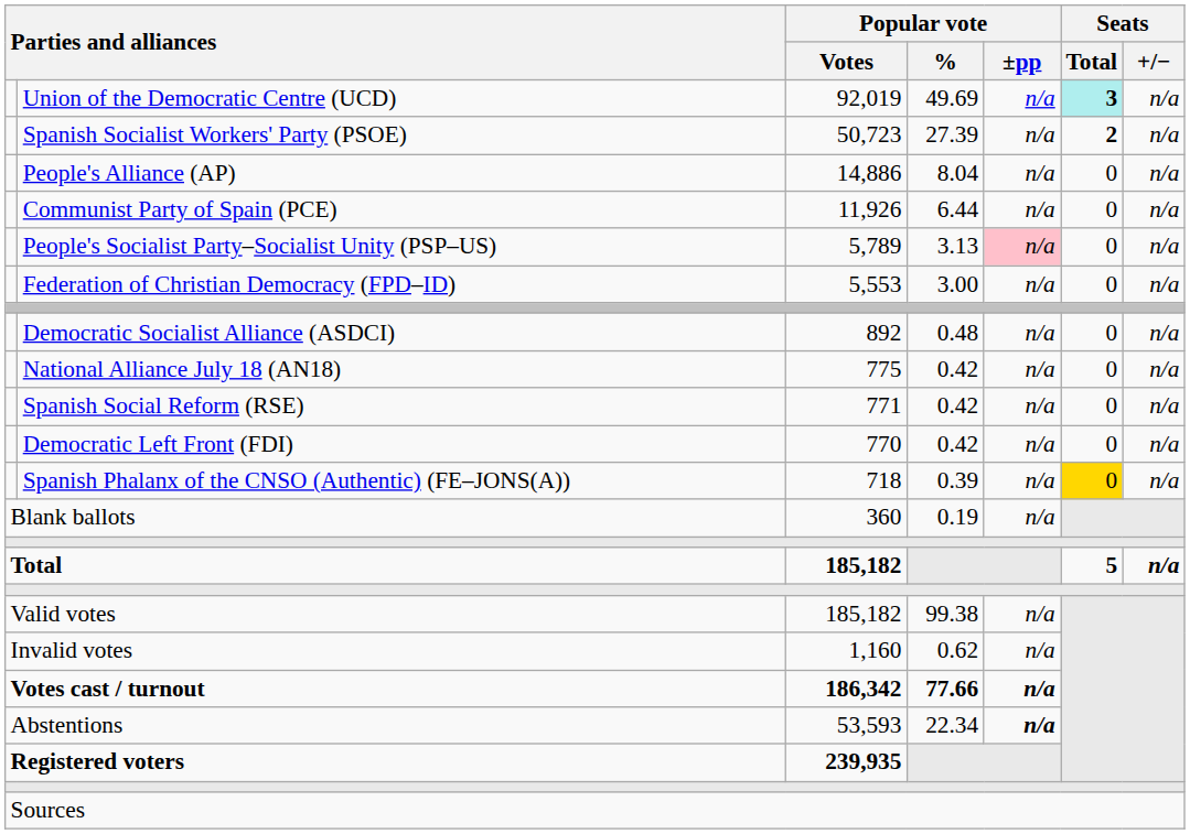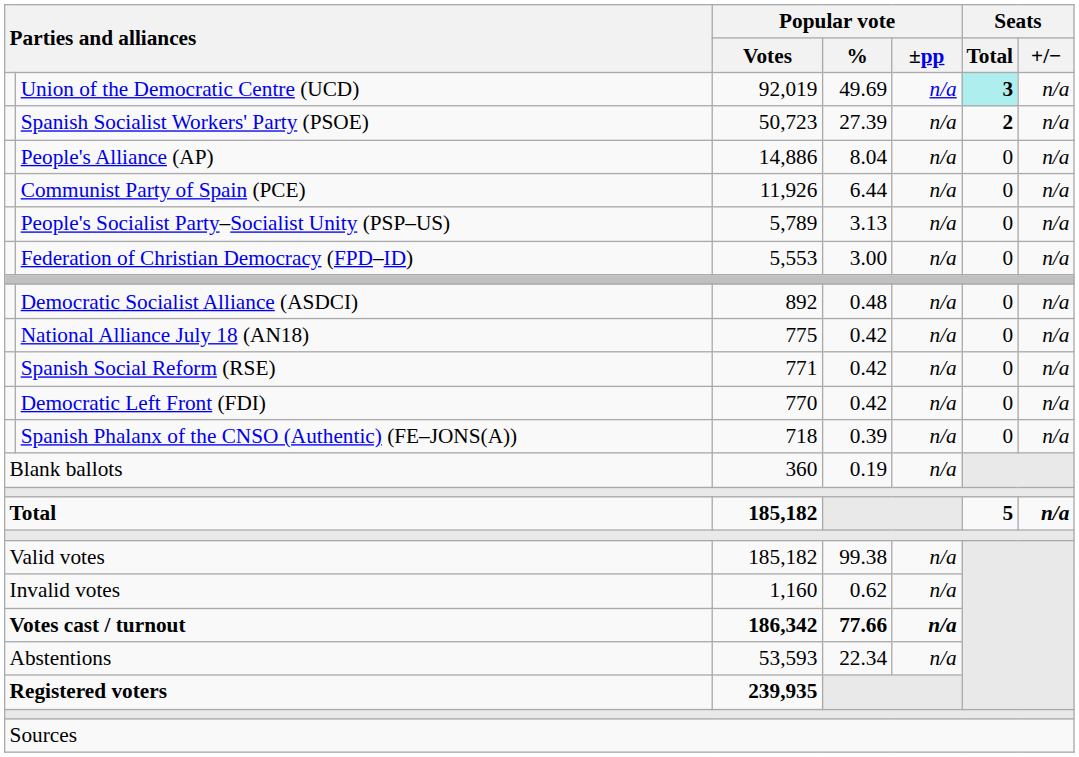 <table class="wikitable" style="text-align:right;">
 <tr>
 <th style="text-align:left;" rowspan="2" colspan="2" width="525">Parties and alliances</th>
 <th colspan="3">Popular vote</th>
 <th colspan="2">Seats</th>
 </tr>
 <tr>
 <th width="75">Votes</th>
 <th width="45">%</th>
 <th width="45">±<a href='#'>pp</a></th>
 <th width="35">Total</th>
 <th width="35">+/−</th>
 </tr>
 <tr>
 <td width="1" style="color:inherit;background:"></td>
 <td align="left"><a href='#'>Union of the Democratic Centre</a> (UCD)</td>
 <td>92,019</td>
 <td>49.69</td>
 <td><em><a href='#'>n/a</a></em></td>
 <td style="background: paleturquoise;"><strong>3</strong></td>
 <td><em>n/a</em></td>
 </tr>
 <tr>
 <td style="color:inherit;background:"></td>
 <td align="left"><a href='#'>Spanish Socialist Workers' Party</a> (PSOE)</td>
 <td>50,723</td>
 <td>27.39</td>
 <td><em>n/a</em></td>
 <td><strong>2</strong></td>
 <td><em>n/a</em></td>
 </tr>
 <tr>
 <td style="color:inherit;background:"></td>
 <td align="left"><a href='#'>People's Alliance</a> (AP)</td>
 <td>14,886</td>
 <td>8.04</td>
 <td><em>n/a</em></td>
 <td>0</td>
 <td><em>n/a</em></td>
 </tr>
 <tr>
 <td style="color:inherit;background:"></td>
 <td align="left"><a href='#'>Communist Party of Spain</a> (PCE)</td>
 <td>11,926</td>
 <td>6.44</td>
 <td><em>n/a</em></td>
 <td>0</td>
 <td><em>n/a</em></td>
 </tr>
 <tr>
 <td style="color:inherit;background:"></td>
 <td align="left"><a href='#'>People's Socialist Party</a>–<a href='#'>Socialist Unity</a> (PSP–US)</td>
 <td>5,789</td>
 <td>3.13</td>
-<td style="background: pink;"><em>n/a</em></td>
+<td><em>n/a</em></td>
 <td>0</td>
 <td><em>n/a</em></td>
 </tr>
 <tr>
 <td style="color:inherit;background:"></td>
 <td align="left"><a href='#'>Federation of Christian Democracy</a> (<a href='#'>FPD</a>–<a href='#'>ID</a>)</td>
 <td>5,553</td>
 <td>3.00</td>
 <td><em>n/a</em></td>
 <td>0</td>
 <td><em>n/a</em></td>
 </tr>
 <tr>
 <td colspan="7" bgcolor="#C0C0C0"></td>
 </tr>
 <tr>
 <td style="color:inherit;background:"></td>
 <td align="left"><a href='#'>Democratic Socialist Alliance</a> (ASDCI)</td>
 <td>892</td>
 <td>0.48</td>
 <td><em>n/a</em></td>
 <td>0</td>
 <td><em>n/a</em></td>
 </tr>
 <tr>
 <td style="color:inherit;background:"></td>
 <td align="left"><a href='#'>National Alliance July 18</a> (AN18)</td>
 <td>775</td>
 <td>0.42</td>
 <td><em>n/a</em></td>
 <td>0</td>
 <td><em>n/a</em></td>
 </tr>
 <tr>
 <td style="color:inherit;background:"></td>
 <td align="left"><a href='#'>Spanish Social Reform</a> (RSE)</td>
 <td>771</td>
 <td>0.42</td>
 <td><em>n/a</em></td>
 <td>0</td>
 <td><em>n/a</em></td>
 </tr>
 <tr>
 <td style="color:inherit;background:"></td>
 <td align="left"><a href='#'>Democratic Left Front</a> (FDI)</td>
 <td>770</td>
 <td>0.42</td>
 <td><em>n/a</em></td>
 <td>0</td>
 <td><em>n/a</em></td>
 </tr>
 <tr>
 <td style="color:inherit;background:"></td>
 <td align="left"><a href='#'>Spanish Phalanx of the CNSO (Authentic)</a> (FE–JONS(A))</td>
 <td>718</td>
 <td>0.39</td>
 <td><em>n/a</em></td>
-<td style="background: gold;">0</td>
+<td>0</td>
 <td><em>n/a</em></td>
 </tr>
 <tr>
 <td align="left" colspan="2">Blank ballots</td>
 <td>360</td>
 <td>0.19</td>
 <td><em>n/a</em></td>
 <td bgcolor="#E9E9E9" colspan="2"></td>
 </tr>
 <tr>
 <td colspan="7" bgcolor="#E9E9E9"></td>
 </tr>
 <tr style="font-weight:bold;">
 <td align="left" colspan="2">Total</td>
 <td>185,182</td>
 <td bgcolor="#E9E9E9" colspan="2"></td>
 <td>5</td>
 <td><em>n/a</em></td>
 </tr>
 <tr>
 <td colspan="7" bgcolor="#E9E9E9"></td>
 </tr>
 <tr>
 <td align="left" colspan="2">Valid votes</td>
 <td>185,182</td>
 <td>99.38</td>
 <td><em>n/a</em></td>
 <td bgcolor="#E9E9E9" colspan="2" rowspan="5"></td>
 </tr>
 <tr>
 <td align="left" colspan="2">Invalid votes</td>
 <td>1,160</td>
 <td>0.62</td>
 <td><em>n/a</em></td>
 </tr>
 <tr style="font-weight:bold;">
 <td align="left" colspan="2">Votes cast / turnout</td>
 <td>186,342</td>
 <td>77.66</td>
 <td><em>n/a</em></td>
 </tr>
 <tr>
 <td align="left" colspan="2">Abstentions</td>
 <td>53,593</td>
 <td>22.34</td>
-<td><strong><em>n/a</em></strong></td>
+<td><em>n/a</em></td>
 </tr>
 <tr style="font-weight:bold;">
 <td align="left" colspan="2">Registered voters</td>
 <td>239,935</td>
 <td bgcolor="#E9E9E9" colspan="2"></td>
 </tr>
 <tr>
 <td colspan="7" bgcolor="#E9E9E9"></td>
 </tr>
 <tr>
 <td align="left" colspan="7">Sources</td>
 </tr>
 </table>
